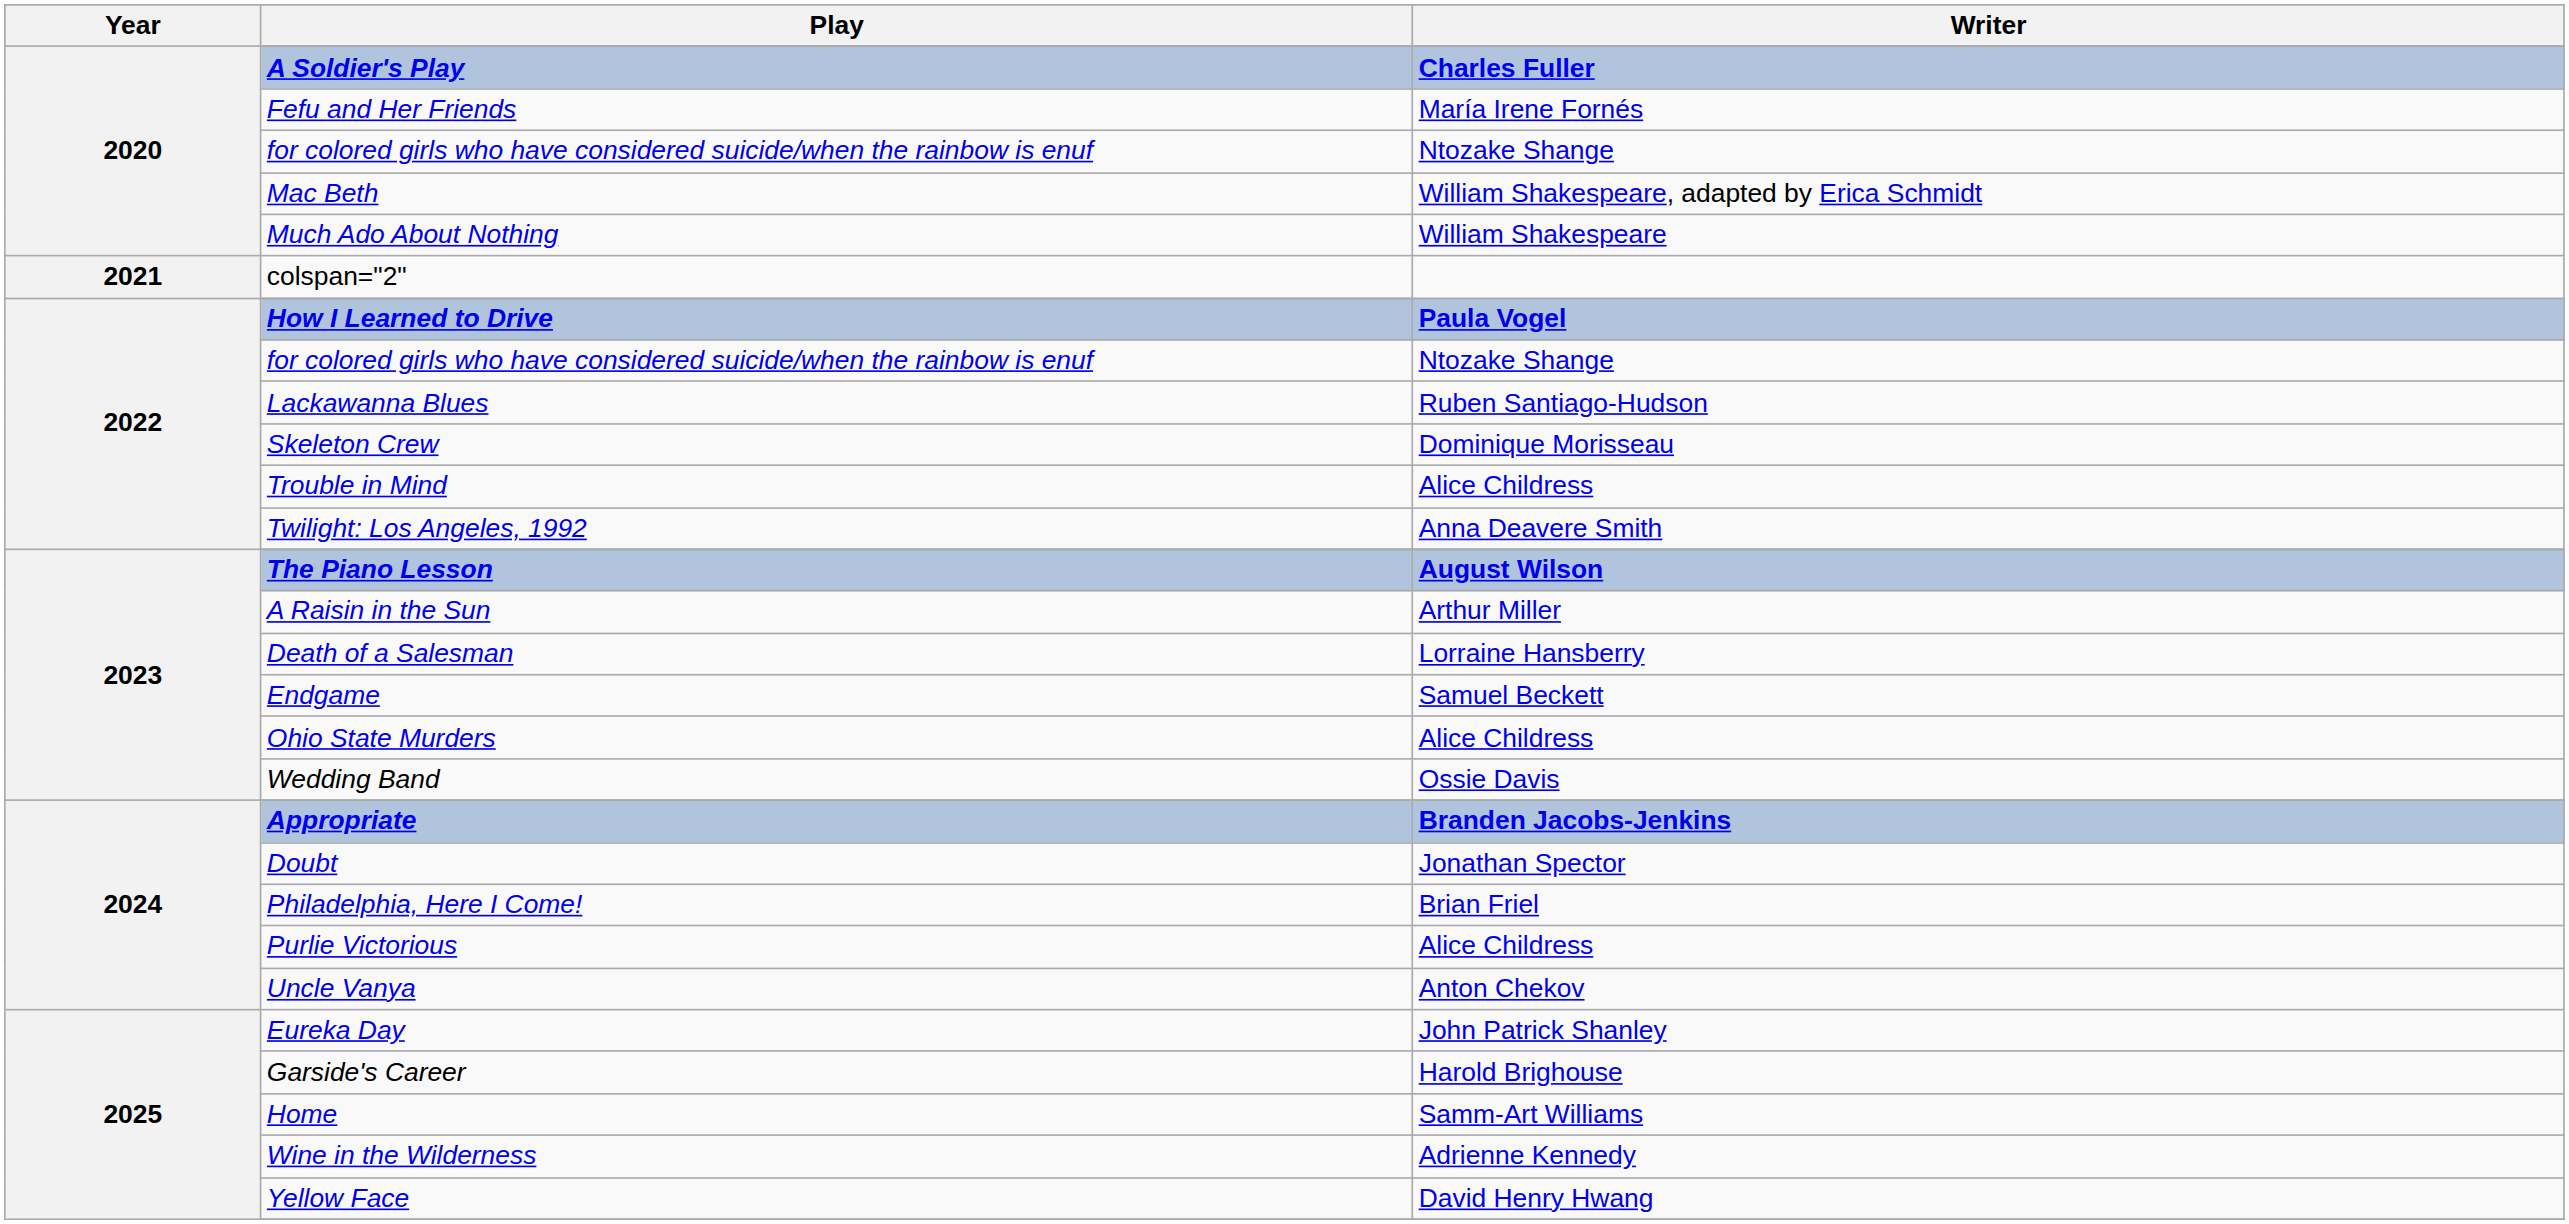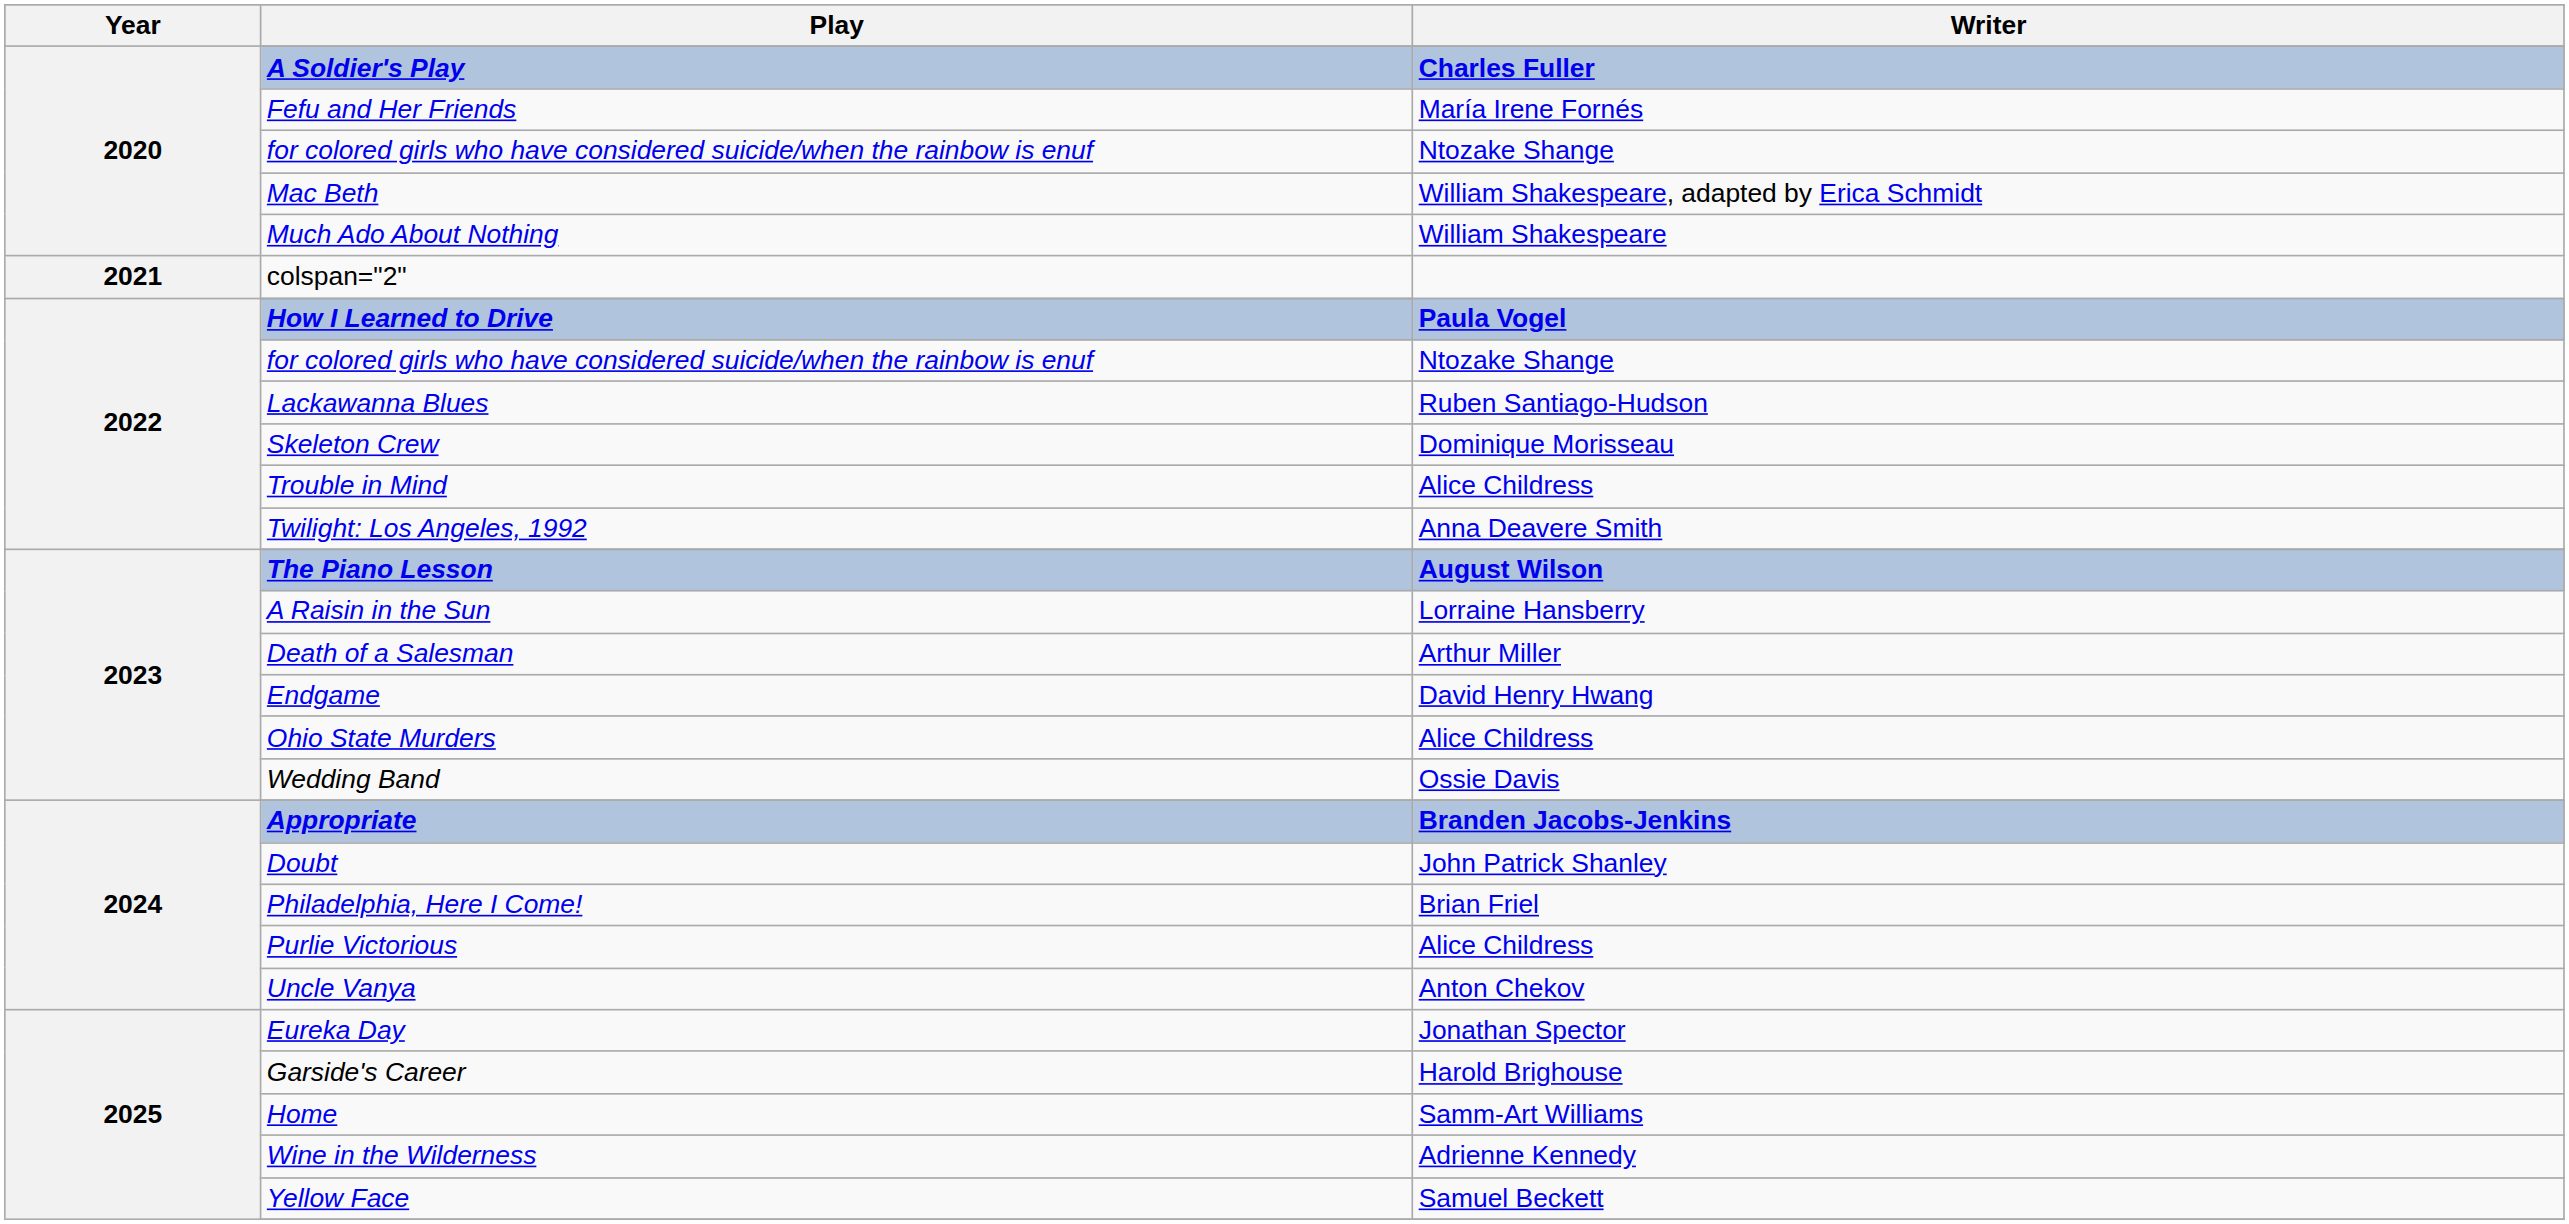 <table class="wikitable" style="width:98%;">
 <tr style="background:#bebebe;">
 <th style="width:10%;">Year</th>
 <th style="width:45%;">Play</th>
 <th style="width:45%;">Writer</th>
 </tr>
 <tr>
 <th rowspan="6">2020</th>
 </tr>
 <tr style="background:#B0C4DE">
 <td><strong><em><a href='#'>A Soldier's Play</a></em></strong></td>
 <td><strong><a href='#'>Charles Fuller</a></strong></td>
 </tr>
 <tr>
 <td><em><a href='#'>Fefu and Her Friends</a></em></td>
 <td><a href='#'>María Irene Fornés</a></td>
 </tr>
 <tr>
 <td><em><a href='#'>for colored girls who have considered suicide/when the rainbow is enuf</a></em></td>
 <td><a href='#'>Ntozake Shange</a></td>
 </tr>
 <tr>
 <td><em><a href='#'>Mac Beth</a></em></td>
 <td><a href='#'>William Shakespeare</a>, adapted by <a href='#'>Erica Schmidt</a></td>
 </tr>
 <tr>
 <td><em><a href='#'>Much Ado About Nothing</a></em></td>
 <td><a href='#'>William Shakespeare</a></td>
 </tr>
 <tr>
 <th>2021</th>
 <td>colspan="2" </td>
 </tr>
 <tr>
 <th rowspan="7">2022</th>
 </tr>
 <tr style="background:#B0C4DE">
 <td><strong><em><a href='#'>How I Learned to Drive</a></em></strong></td>
 <td><strong><a href='#'>Paula Vogel</a></strong></td>
 </tr>
 <tr>
 <td><em><a href='#'>for colored girls who have considered suicide/when the rainbow is enuf</a></em></td>
 <td><a href='#'>Ntozake Shange</a></td>
 </tr>
 <tr>
 <td><em><a href='#'>Lackawanna Blues</a></em></td>
 <td><a href='#'>Ruben Santiago-Hudson</a></td>
 </tr>
 <tr>
 <td><em><a href='#'>Skeleton Crew</a></em></td>
 <td><a href='#'>Dominique Morisseau</a></td>
 </tr>
 <tr>
 <td><em><a href='#'>Trouble in Mind</a></em></td>
 <td><a href='#'>Alice Childress</a></td>
 </tr>
 <tr>
 <td><em><a href='#'>Twilight: Los Angeles, 1992</a></em></td>
 <td><a href='#'>Anna Deavere Smith</a></td>
 </tr>
 <tr>
 <th rowspan="7">2023</th>
 </tr>
 <tr style="background:#B0C4DE">
 <td><strong><em><a href='#'>The Piano Lesson</a></em></strong></td>
 <td><strong><a href='#'>August Wilson</a></strong></td>
 </tr>
 <tr>
 <td><em><a href='#'>A Raisin in the Sun</a></em></td>
+<td><a href='#'>Lorraine Hansberry</a></td>
+</tr>
+<tr>
+<td><em><a href='#'>Death of a Salesman</a></em></td>
 <td><a href='#'>Arthur Miller</a></td>
 </tr>
 <tr>
-<td><em><a href='#'>Death of a Salesman</a></em></td>
-<td><a href='#'>Lorraine Hansberry</a></td>
-</tr>
-<tr>
 <td><em><a href='#'>Endgame</a></em></td>
-<td><a href='#'>Samuel Beckett</a></td>
+<td><a href='#'>David Henry Hwang</a></td>
 </tr>
 <tr>
 <td><em><a href='#'>Ohio State Murders</a></em></td>
 <td><a href='#'>Alice Childress</a></td>
 </tr>
 <tr>
 <td><em>Wedding Band</em></td>
 <td><a href='#'>Ossie Davis</a></td>
 </tr>
 <tr>
 <th rowspan="6">2024</th>
 </tr>
 <tr style="background:#B0C4DE">
 <td><strong><em><a href='#'>Appropriate</a></em></strong></td>
 <td><strong> <a href='#'>Branden Jacobs-Jenkins</a> </strong></td>
 </tr>
 <tr>
 <td><em><a href='#'>Doubt</a></em></td>
-<td><a href='#'>Jonathan Spector</a></td>
+<td><a href='#'>John Patrick Shanley</a></td>
 </tr>
 <tr>
 <td><em><a href='#'>Philadelphia, Here I Come!</a></em></td>
 <td><a href='#'>Brian Friel</a></td>
 </tr>
 <tr>
 <td><em><a href='#'>Purlie Victorious</a></em></td>
 <td><a href='#'>Alice Childress</a></td>
 </tr>
 <tr>
 <td><em><a href='#'>Uncle Vanya</a></em></td>
 <td><a href='#'>Anton Chekov</a></td>
 </tr>
 <tr>
 <th rowspan="7">2025</th>
 <td><em><a href='#'>Eureka Day</a></em></td>
-<td><a href='#'>John Patrick Shanley</a></td>
+<td><a href='#'>Jonathan Spector</a></td>
 </tr>
 <tr>
 <td><em>Garside's Career</em></td>
 <td><a href='#'>Harold Brighouse</a></td>
 </tr>
 <tr>
 <td><em><a href='#'>Home</a></em></td>
 <td><a href='#'>Samm-Art Williams</a></td>
 </tr>
 <tr>
 <td><em><a href='#'>Wine in the Wilderness</a></em></td>
 <td><a href='#'>Adrienne Kennedy</a></td>
 </tr>
 <tr>
 <td><em><a href='#'>Yellow Face</a></em></td>
-<td><a href='#'>David Henry Hwang</a></td>
+<td><a href='#'>Samuel Beckett</a></td>
 </tr>
 <tr>
 </tr>
 </table>
